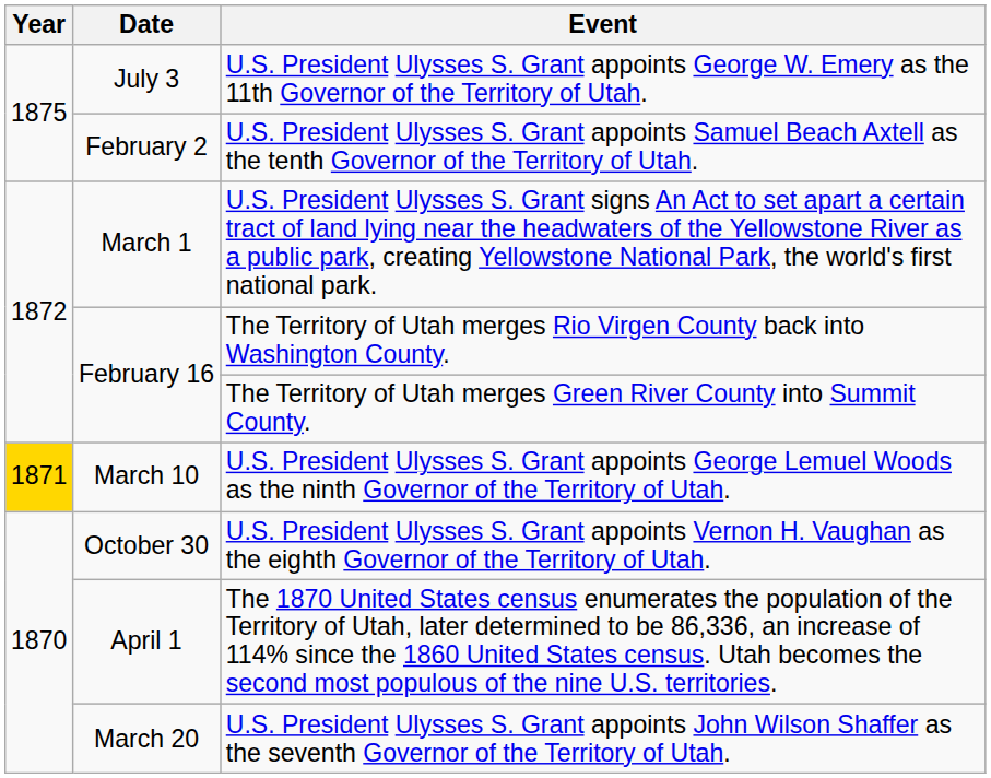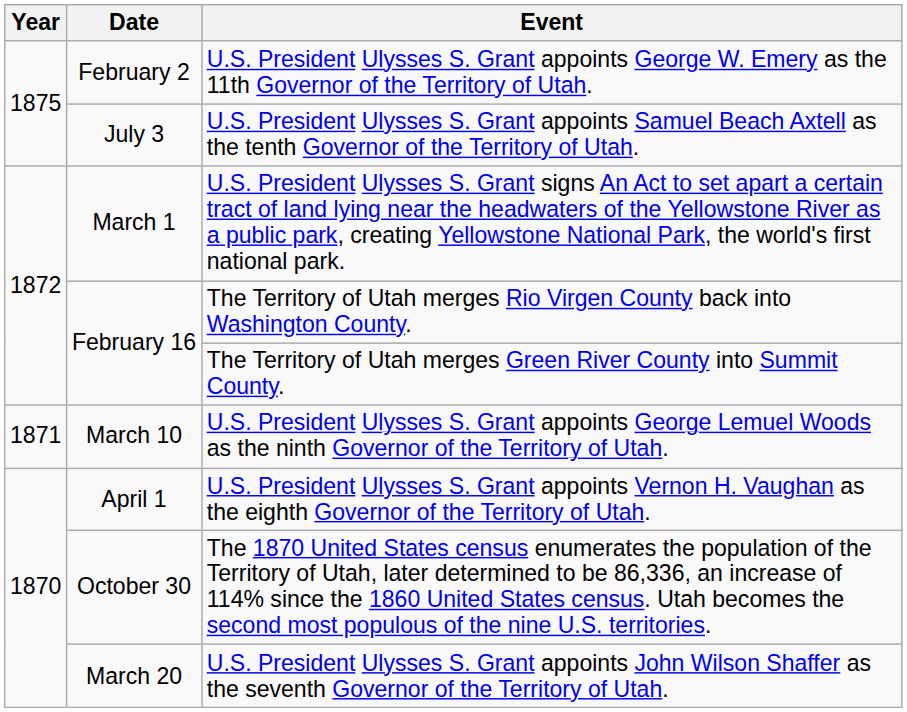 <table class="wikitable" style="width:100%;">
 <tr>
 <th style="width:6%">Year</th>
 <th style="width:8%">Date</th>
 <th style="width:86%">Event</th>
 </tr>
 <tr>
 <td align=center rowspan=2>1875</td>
-<td align=center>July 3</td>
+<td align=center>February 2</td>
 <td><a href='#'>U.S. President</a> <a href='#'>Ulysses S. Grant</a> appoints <a href='#'>George W. Emery</a> as the 11th <a href='#'>Governor of the Territory of Utah</a>.</td>
 </tr>
 <tr>
-<td align=center>February 2</td>
+<td align=center>July 3</td>
 <td><a href='#'>U.S. President</a> <a href='#'>Ulysses S. Grant</a> appoints <a href='#'>Samuel Beach Axtell</a> as the tenth <a href='#'>Governor of the Territory of Utah</a>.</td>
 </tr>
 <tr>
 <td align=center rowspan=3>1872</td>
 <td align=center>March 1</td>
 <td><a href='#'>U.S. President</a> <a href='#'>Ulysses S. Grant</a> signs <a href='#'>An Act to set apart a certain tract of land lying near the headwaters of the Yellowstone River as a public park</a>, creating <a href='#'>Yellowstone National Park</a>, the world's first national park.</td>
 </tr>
 <tr>
 <td align=center rowspan=2>February 16</td>
 <td>The Territory of Utah merges <a href='#'>Rio Virgen County</a> back into <a href='#'>Washington County</a>.</td>
 </tr>
 <tr>
 <td>The Territory of Utah merges <a href='#'>Green River County</a> into <a href='#'>Summit County</a>.</td>
 </tr>
 <tr>
-<td align=center rowspan=1 style="background: gold;">1871</td>
+<td align=center rowspan=1>1871</td>
 <td align=center>March 10</td>
 <td><a href='#'>U.S. President</a> <a href='#'>Ulysses S. Grant</a> appoints <a href='#'>George Lemuel Woods</a> as the ninth <a href='#'>Governor of the Territory of Utah</a>.</td>
 </tr>
 <tr>
 <td align=center rowspan=3>1870</td>
-<td align=center>October 30</td>
+<td align=center>April 1</td>
 <td><a href='#'>U.S. President</a> <a href='#'>Ulysses S. Grant</a> appoints <a href='#'>Vernon H. Vaughan</a> as the eighth <a href='#'>Governor of the Territory of Utah</a>.</td>
 </tr>
 <tr>
-<td align=center>April 1</td>
+<td align=center>October 30</td>
 <td>The <a href='#'>1870 United States census</a> enumerates the population of the Territory of Utah, later determined to be 86,336, an increase of 114% since the <a href='#'>1860 United States census</a>. Utah becomes the <a href='#'>second most populous of the nine U.S. territories</a>.</td>
 </tr>
 <tr>
 <td align=center>March 20</td>
 <td><a href='#'>U.S. President</a> <a href='#'>Ulysses S. Grant</a> appoints <a href='#'>John Wilson Shaffer</a> as the seventh <a href='#'>Governor of the Territory of Utah</a>.</td>
 </tr>
 </table>
